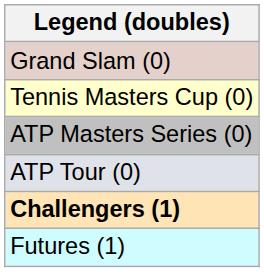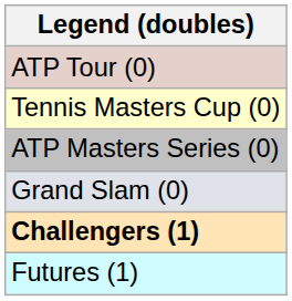 <table class="wikitable sortable mw-collapsible mw-collapsed">
 <tr>
 <th>Legend (doubles)</th>
 </tr>
 <tr bgcolor="#e5d1cb">
-<td>Grand Slam (0)</td>
+<td>ATP Tour (0)</td>
 </tr>
 <tr bgcolor="ffffcc">
 <td>Tennis Masters Cup (0)</td>
 </tr>
 <tr bgcolor="silver">
 <td>ATP Masters Series (0)</td>
 </tr>
 <tr bgcolor="#dfe2e9">
-<td>ATP Tour (0)</td>
+<td>Grand Slam (0)</td>
 </tr>
 <tr bgcolor="moccasin">
 <td><strong>Challengers (1)</strong></td>
 </tr>
 <tr bgcolor="CFFCFF">
 <td>Futures (1)</td>
 </tr>
 </table>
